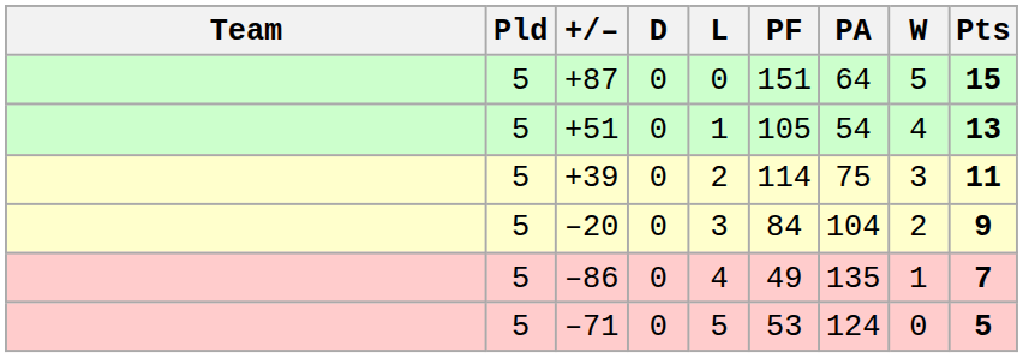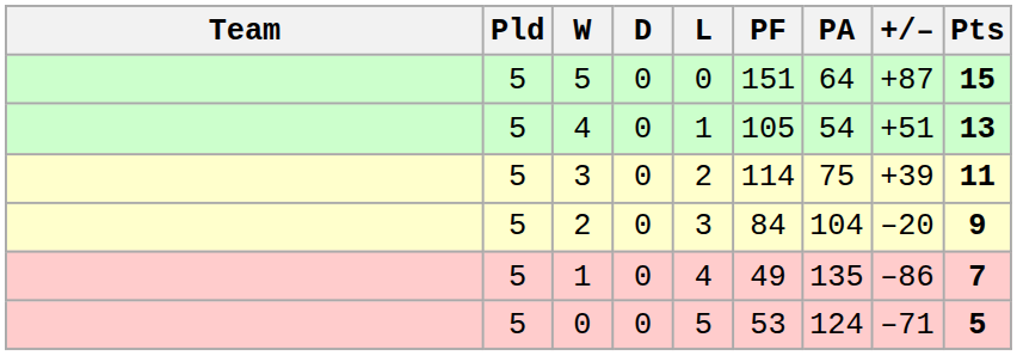 <table class="wikitable" border="1" style="text-align: center;">
 <tr>
 <th width="200">Team</th>
 <th width="20">Pld</th>
-<th width="25">+/–</th>
+<th width="20">W</th>
 <th width="20">D</th>
 <th width="20">L</th>
 <th width="20">PF</th>
 <th width="20">PA</th>
-<th width="20">W</th>
+<th width="25">+/–</th>
 <th width="20">Pts</th>
 </tr>
 <tr style="background:#cfc;">
 <td align=left></td>
 <td>5</td>
-<td>+87</td>
+<td>5</td>
 <td>0</td>
 <td>0</td>
 <td>151</td>
 <td>64</td>
-<td>5</td>
+<td>+87</td>
 <td><strong>15</strong></td>
 </tr>
 <tr style="background:#cfc;">
 <td align=left></td>
 <td>5</td>
-<td>+51</td>
+<td>4</td>
 <td>0</td>
 <td>1</td>
 <td>105</td>
 <td>54</td>
-<td>4</td>
+<td>+51</td>
 <td><strong>13</strong></td>
 </tr>
 <tr style="background:#ffc;">
 <td align=left></td>
 <td>5</td>
-<td>+39</td>
+<td>3</td>
 <td>0</td>
 <td>2</td>
 <td>114</td>
 <td>75</td>
-<td>3</td>
+<td>+39</td>
 <td><strong>11</strong></td>
 </tr>
 <tr style="background:#ffc;">
 <td align=left></td>
 <td>5</td>
-<td>–20</td>
+<td>2</td>
 <td>0</td>
 <td>3</td>
 <td>84</td>
 <td>104</td>
-<td>2</td>
+<td>–20</td>
 <td><strong>9</strong></td>
 </tr>
 <tr bgcolor="#ffcccc">
 <td align=left></td>
 <td>5</td>
-<td>–86</td>
+<td>1</td>
 <td>0</td>
 <td>4</td>
 <td>49</td>
 <td>135</td>
-<td>1</td>
+<td>–86</td>
 <td><strong>7</strong></td>
 </tr>
 <tr bgcolor="#ffcccc">
 <td align=left></td>
 <td>5</td>
-<td>–71</td>
+<td>0</td>
 <td>0</td>
 <td>5</td>
 <td>53</td>
 <td>124</td>
-<td>0</td>
+<td>–71</td>
 <td><strong>5</strong></td>
 </tr>
 </table>
